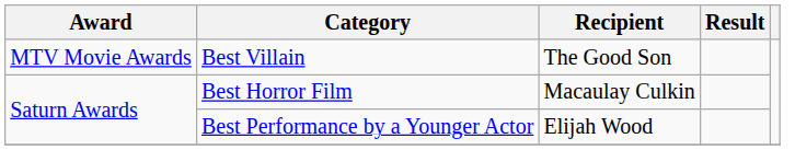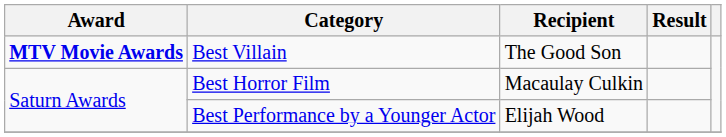 <table class="wikitable plainrowheaders sortable">
 <tr>
 <th scope="col">Award</th>
 <th scope="col">Category</th>
 <th scope="col">Recipient</th>
 <th scope="col">Result</th>
 <th scope="col"! class="unsortable"></th>
 </tr>
 <tr>
-<td><a href='#'>MTV Movie Awards</a></td>
+<td><strong><a href='#'>MTV Movie Awards</a></strong></td>
 <td><a href='#'>Best Villain</a></td>
 <td>The Good Son</td>
 <td></td>
 <td rowspan="3"></td>
 </tr>
 <tr>
 <td rowspan="2"><a href='#'>Saturn Awards</a></td>
 <td><a href='#'>Best Horror Film</a></td>
 <td>Macaulay Culkin</td>
 <td></td>
 </tr>
 <tr>
 <td><a href='#'>Best Performance by a Younger Actor</a></td>
 <td>Elijah Wood</td>
 <td></td>
 </tr>
 <tr>
 </tr>
 </table>
